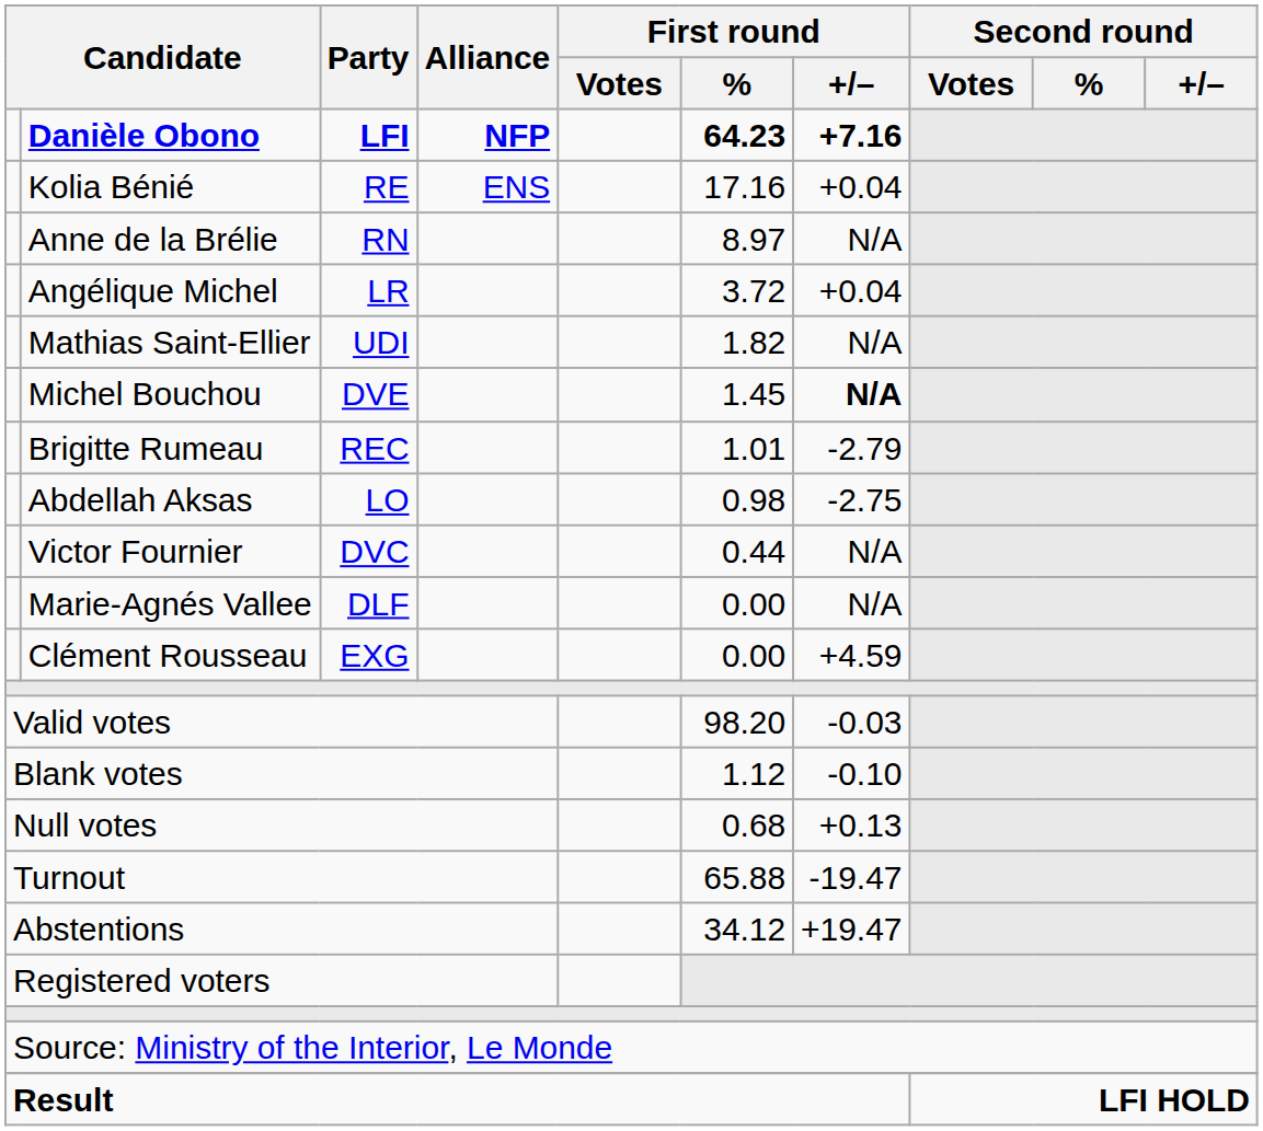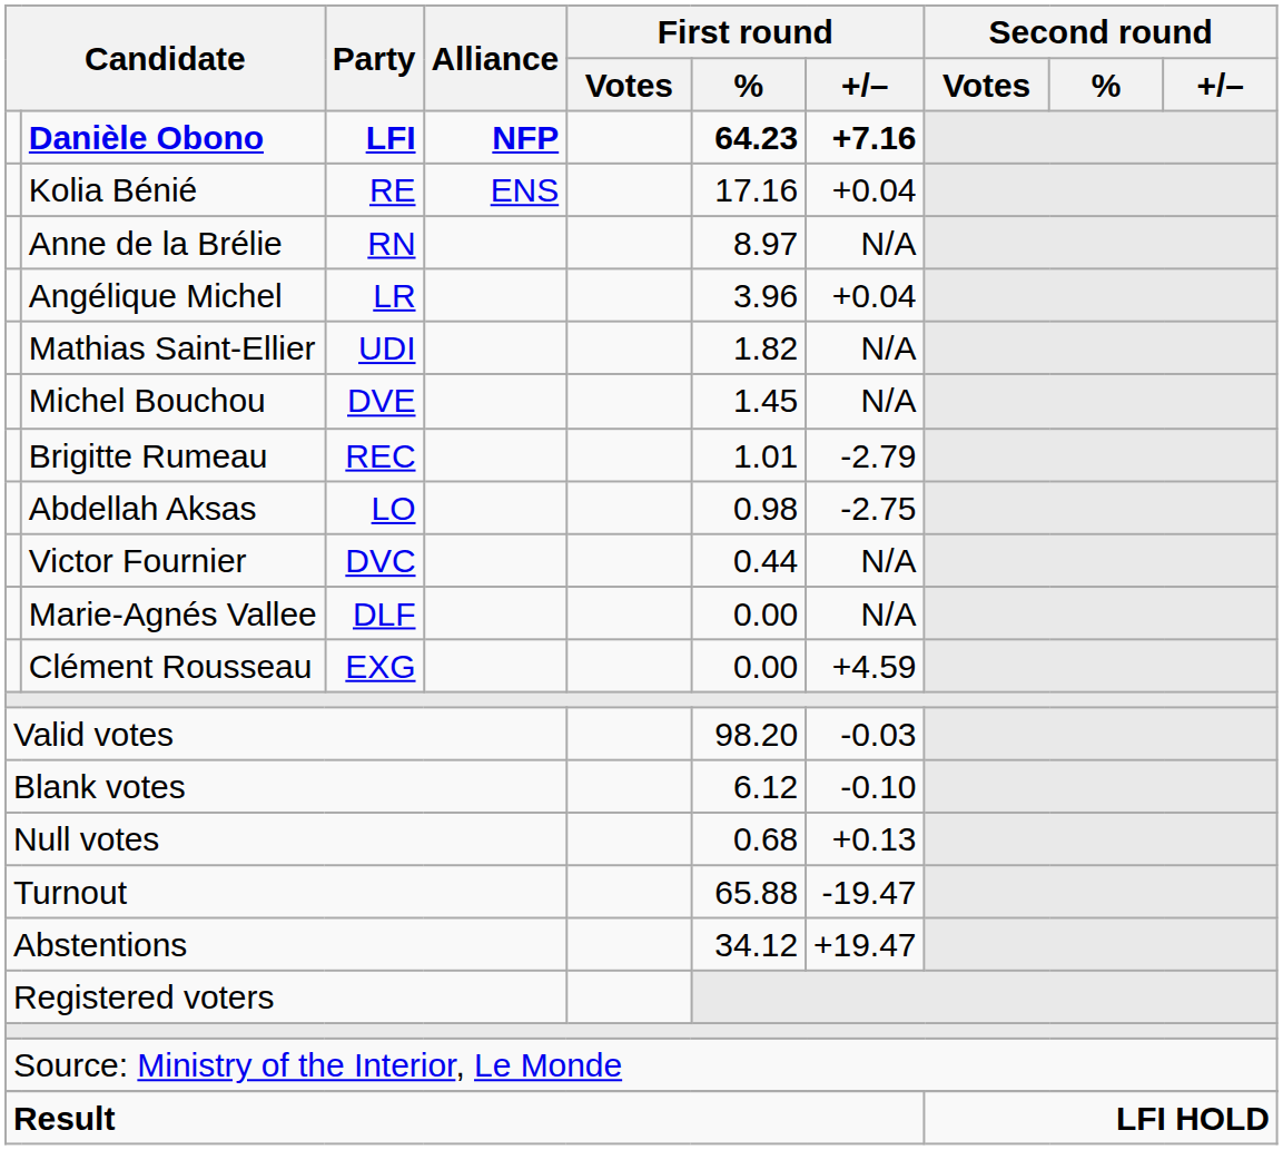 <table class="wikitable" style="text-align:right;font-size:95%;">
 <tr>
 <th rowspan="2" colspan="2">Candidate</th>
 <th rowspan="2">Party</th>
 <th rowspan="2">Alliance</th>
 <th colspan="3">First round</th>
 <th colspan="3">Second round</th>
 </tr>
 <tr>
 <th style="width:50px;">Votes</th>
 <th style="width:45px;">%</th>
 <th style="width:45px;">+/–</th>
 <th style="width:50px;">Votes</th>
 <th style="width:45px;">%</th>
 <th style="width:45px;">+/–</th>
 </tr>
 <tr>
 <td style="color:inherit;background:"></td>
 <td style="text-align:left;"><strong><a href='#'>Danièle Obono</a></strong></td>
 <td><a href='#'><strong>LFI</strong></a></td>
 <td><a href='#'><strong>NFP</strong></a></td>
 <td><strong></strong></td>
 <td><strong>64.23</strong></td>
 <td><strong>+7.16</strong></td>
 <td colspan="3" style="background:#E9E9E9;"></td>
 </tr>
 <tr>
 <td style="color:inherit;background:"></td>
 <td style="text-align:left;">Kolia Bénié</td>
 <td><a href='#'>RE</a></td>
 <td><a href='#'>ENS</a></td>
 <td></td>
 <td>17.16</td>
 <td>+0.04</td>
 <td colspan="3" style="background:#E9E9E9;"></td>
 </tr>
 <tr>
 <td style="color:inherit;background:"></td>
 <td style="text-align:left;">Anne de la Brélie</td>
 <td><a href='#'>RN</a></td>
 <td></td>
 <td></td>
 <td>8.97</td>
 <td>N/A</td>
 <td colspan="3" style="background:#E9E9E9;"></td>
 </tr>
 <tr>
 <td style="color:inherit;background:"></td>
 <td style="text-align:left;">Angélique Michel</td>
 <td><a href='#'>LR</a></td>
 <td></td>
 <td></td>
-<td>3.72</td>
+<td>3.96</td>
 <td>+0.04</td>
 <td colspan="3" style="background:#E9E9E9;"></td>
 </tr>
 <tr>
 <td style="color:inherit;background:"></td>
 <td style="text-align:left;">Mathias Saint-Ellier</td>
 <td><a href='#'>UDI</a></td>
 <td></td>
 <td></td>
 <td>1.82</td>
 <td>N/A</td>
 <td colspan="3" style="background:#E9E9E9;"></td>
 </tr>
 <tr>
 <td style="color:inherit;background:"></td>
 <td style="text-align:left;">Michel Bouchou</td>
 <td><a href='#'>DVE</a></td>
 <td></td>
 <td></td>
 <td>1.45</td>
-<td><strong>N/A</strong></td>
+<td>N/A</td>
 <td colspan="3" style="background:#E9E9E9;"></td>
 </tr>
 <tr>
 <td style="color:inherit;background:"></td>
 <td style="text-align:left;">Brigitte Rumeau</td>
 <td><a href='#'>REC</a></td>
 <td></td>
 <td></td>
 <td>1.01</td>
 <td>-2.79</td>
 <td colspan="3" style="background:#E9E9E9;"></td>
 </tr>
 <tr>
 <td style="color:inherit;background:"></td>
 <td style="text-align:left;">Abdellah Aksas</td>
 <td><a href='#'>LO</a></td>
 <td></td>
 <td></td>
 <td>0.98</td>
 <td>-2.75</td>
 <td colspan="3" style="background:#E9E9E9;"></td>
 </tr>
 <tr>
 <td style="color:inherit;background:"></td>
 <td style="text-align:left;">Victor Fournier</td>
 <td><a href='#'>DVC</a></td>
 <td></td>
 <td></td>
 <td>0.44</td>
 <td>N/A</td>
 <td colspan="3" style="background:#E9E9E9;"></td>
 </tr>
 <tr>
 <td style="color:inherit;background:"></td>
 <td style="text-align:left;">Marie-Agnés Vallee</td>
 <td><a href='#'>DLF</a></td>
 <td></td>
 <td></td>
 <td>0.00</td>
 <td>N/A</td>
 <td colspan="3" style="background:#E9E9E9;"></td>
 </tr>
 <tr>
 <td style="color:inherit;background:"></td>
 <td style="text-align:left;">Clément Rousseau</td>
 <td><a href='#'>EXG</a></td>
 <td></td>
 <td></td>
 <td>0.00</td>
 <td>+4.59</td>
 <td colspan="3" style="background:#E9E9E9;"></td>
 </tr>
 <tr>
 <td colspan="10" style="background:#E9E9E9;"></td>
 </tr>
 <tr>
 <td colspan="4" style="text-align:left;">Valid votes</td>
 <td></td>
 <td>98.20</td>
 <td>-0.03</td>
 <td colspan="3" style="background:#E9E9E9;"></td>
 </tr>
 <tr>
 <td colspan="4" style="text-align:left;">Blank votes</td>
 <td></td>
-<td>1.12</td>
+<td>6.12</td>
 <td>-0.10</td>
 <td colspan="3" style="background:#E9E9E9;"></td>
 </tr>
 <tr>
 <td colspan="4" style="text-align:left;">Null votes</td>
 <td></td>
 <td>0.68</td>
 <td>+0.13</td>
 <td colspan="3" style="background:#E9E9E9;"></td>
 </tr>
 <tr>
 <td colspan="4" style="text-align:left;">Turnout</td>
 <td></td>
 <td>65.88</td>
 <td>-19.47</td>
 <td colspan="3" style="background:#E9E9E9;"></td>
 </tr>
 <tr>
 <td colspan="4" style="text-align:left;">Abstentions</td>
 <td></td>
 <td>34.12</td>
 <td>+19.47</td>
 <td colspan="3" style="background:#E9E9E9;"></td>
 </tr>
 <tr>
 <td colspan="4" style="text-align:left;">Registered voters</td>
 <td></td>
 <td colspan="5" style="background:#E9E9E9;"></td>
 </tr>
 <tr>
 <td colspan="10" style="background:#E9E9E9;"></td>
 </tr>
 <tr>
 <td colspan="10" style="text-align:left;">Source: <a href='#'>Ministry of the Interior</a>, <a href='#'>Le Monde</a></td>
 </tr>
 <tr>
 </tr>
 <tr style="font-weight:bold">
 <td colspan="7" style="text-align:left;">Result</td>
 <td colspan="7" style="background-color:">LFI HOLD</td>
 </tr>
 </table>
